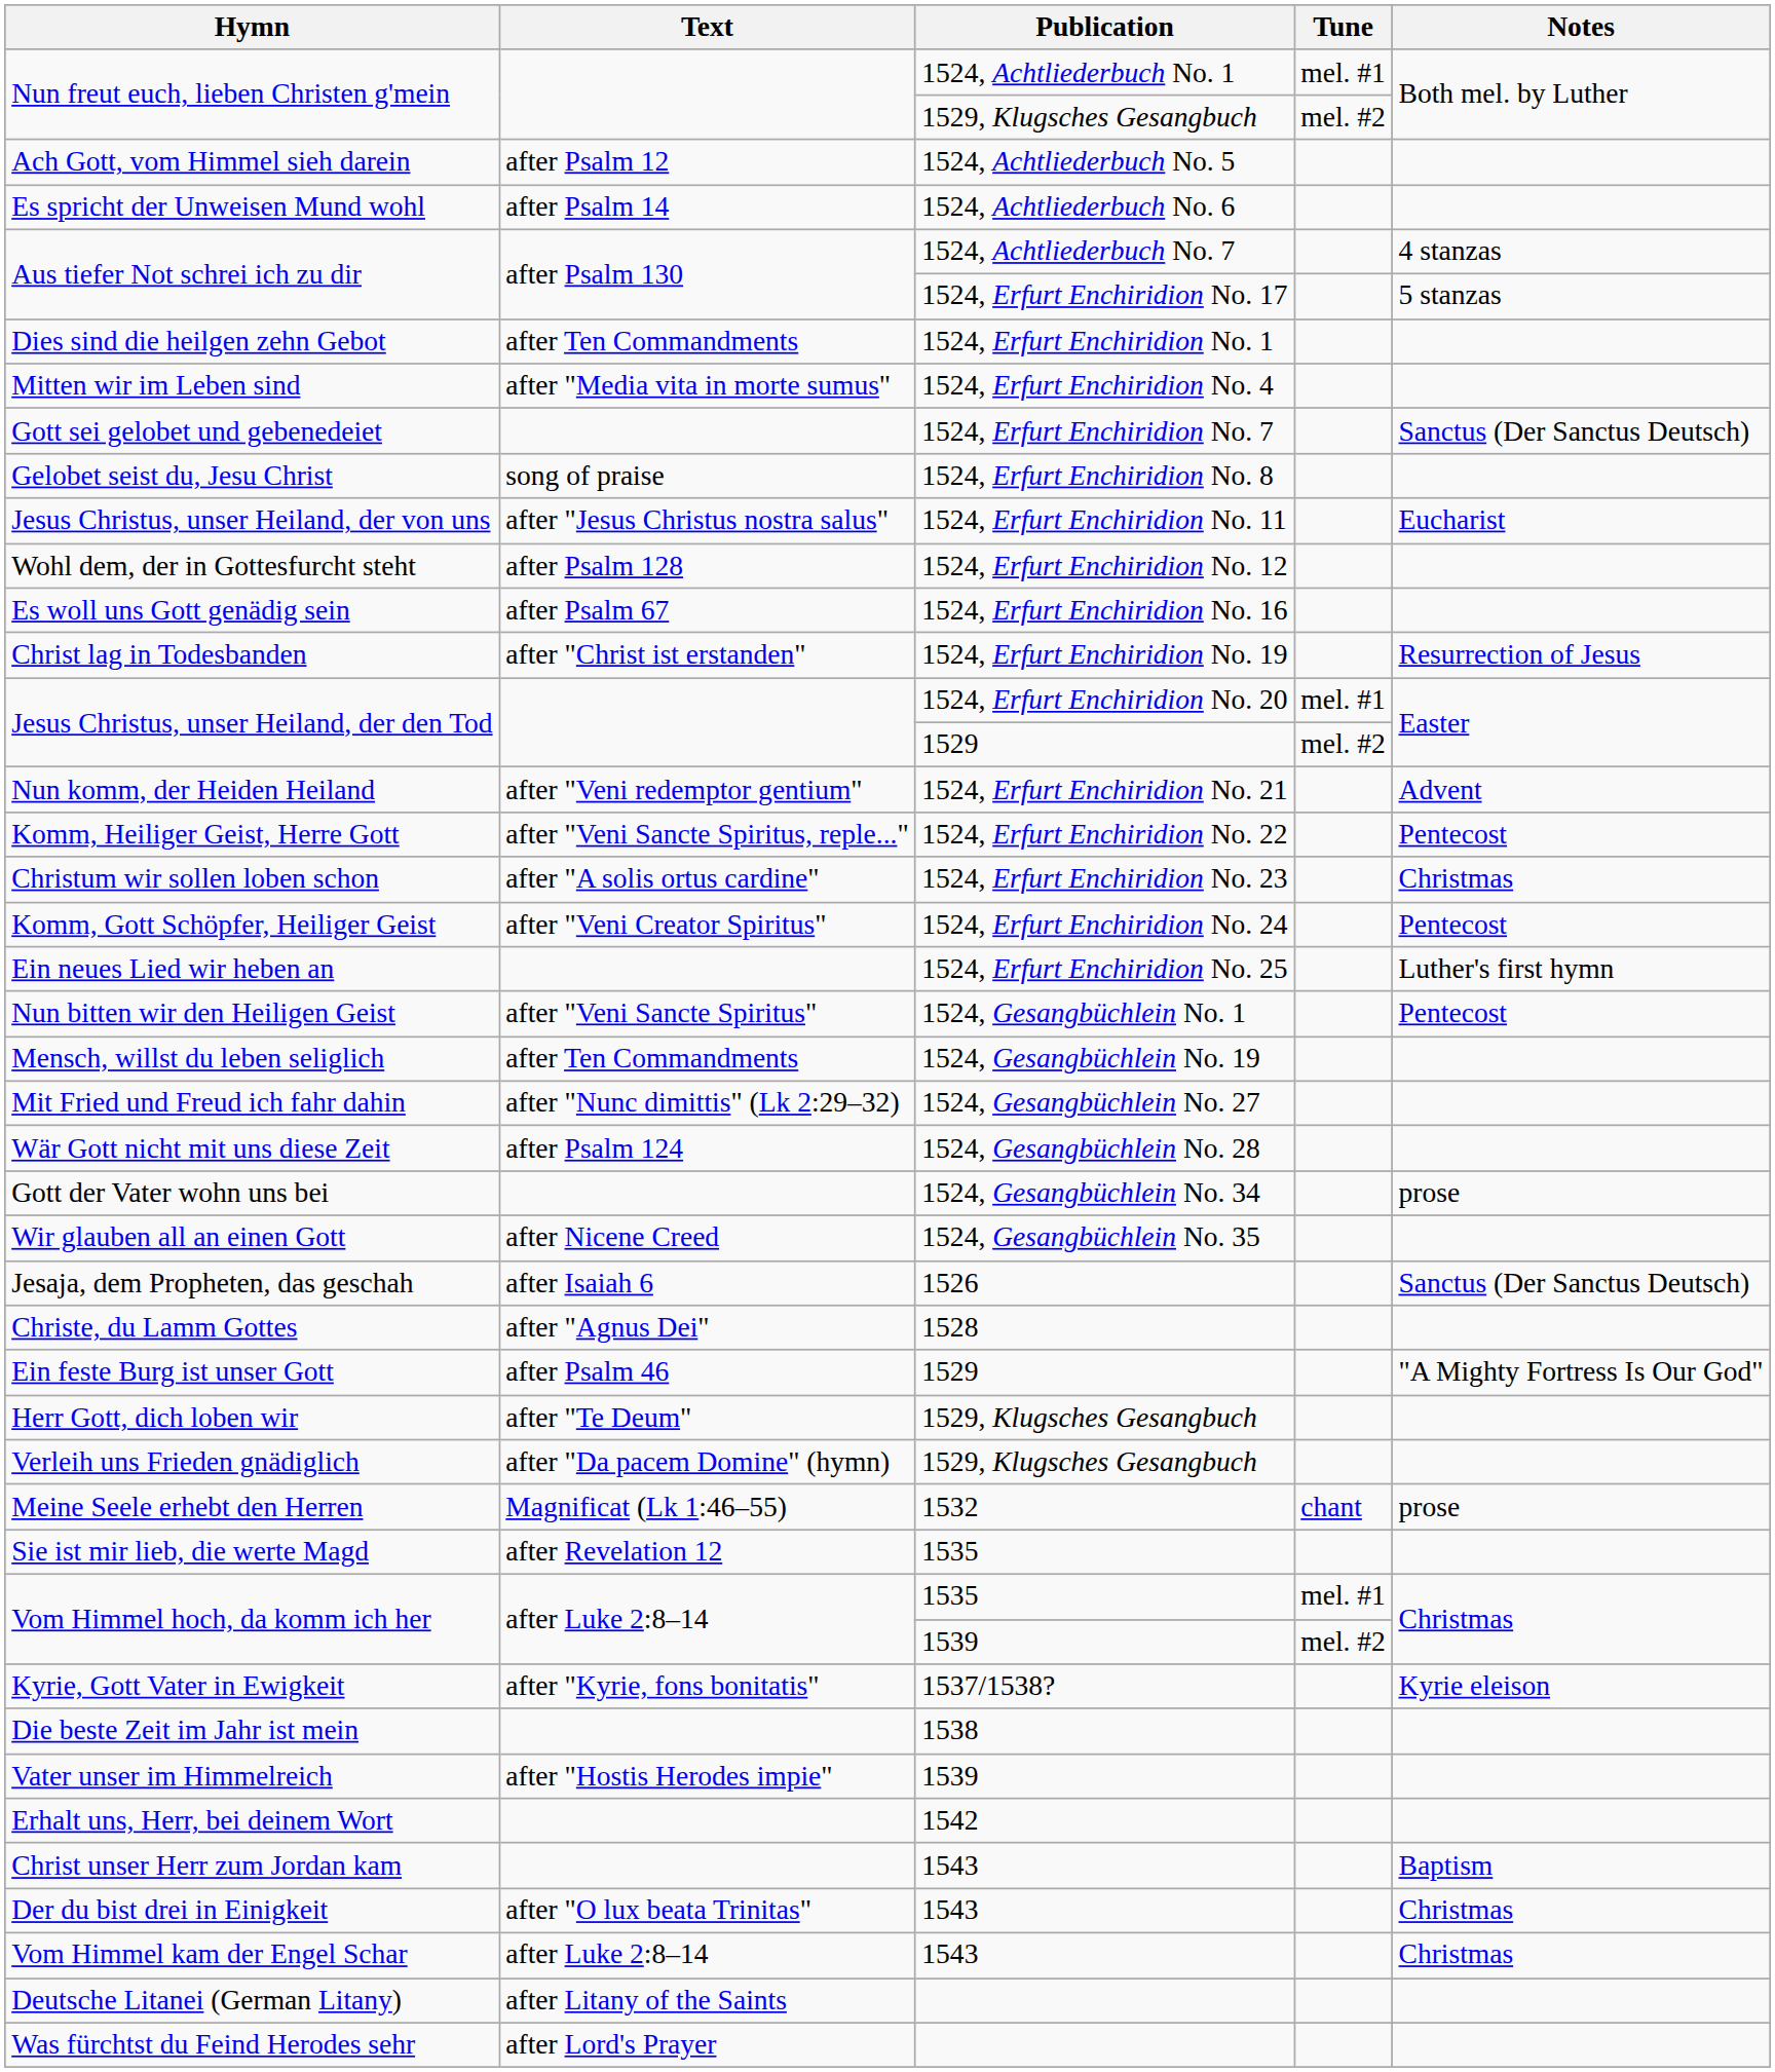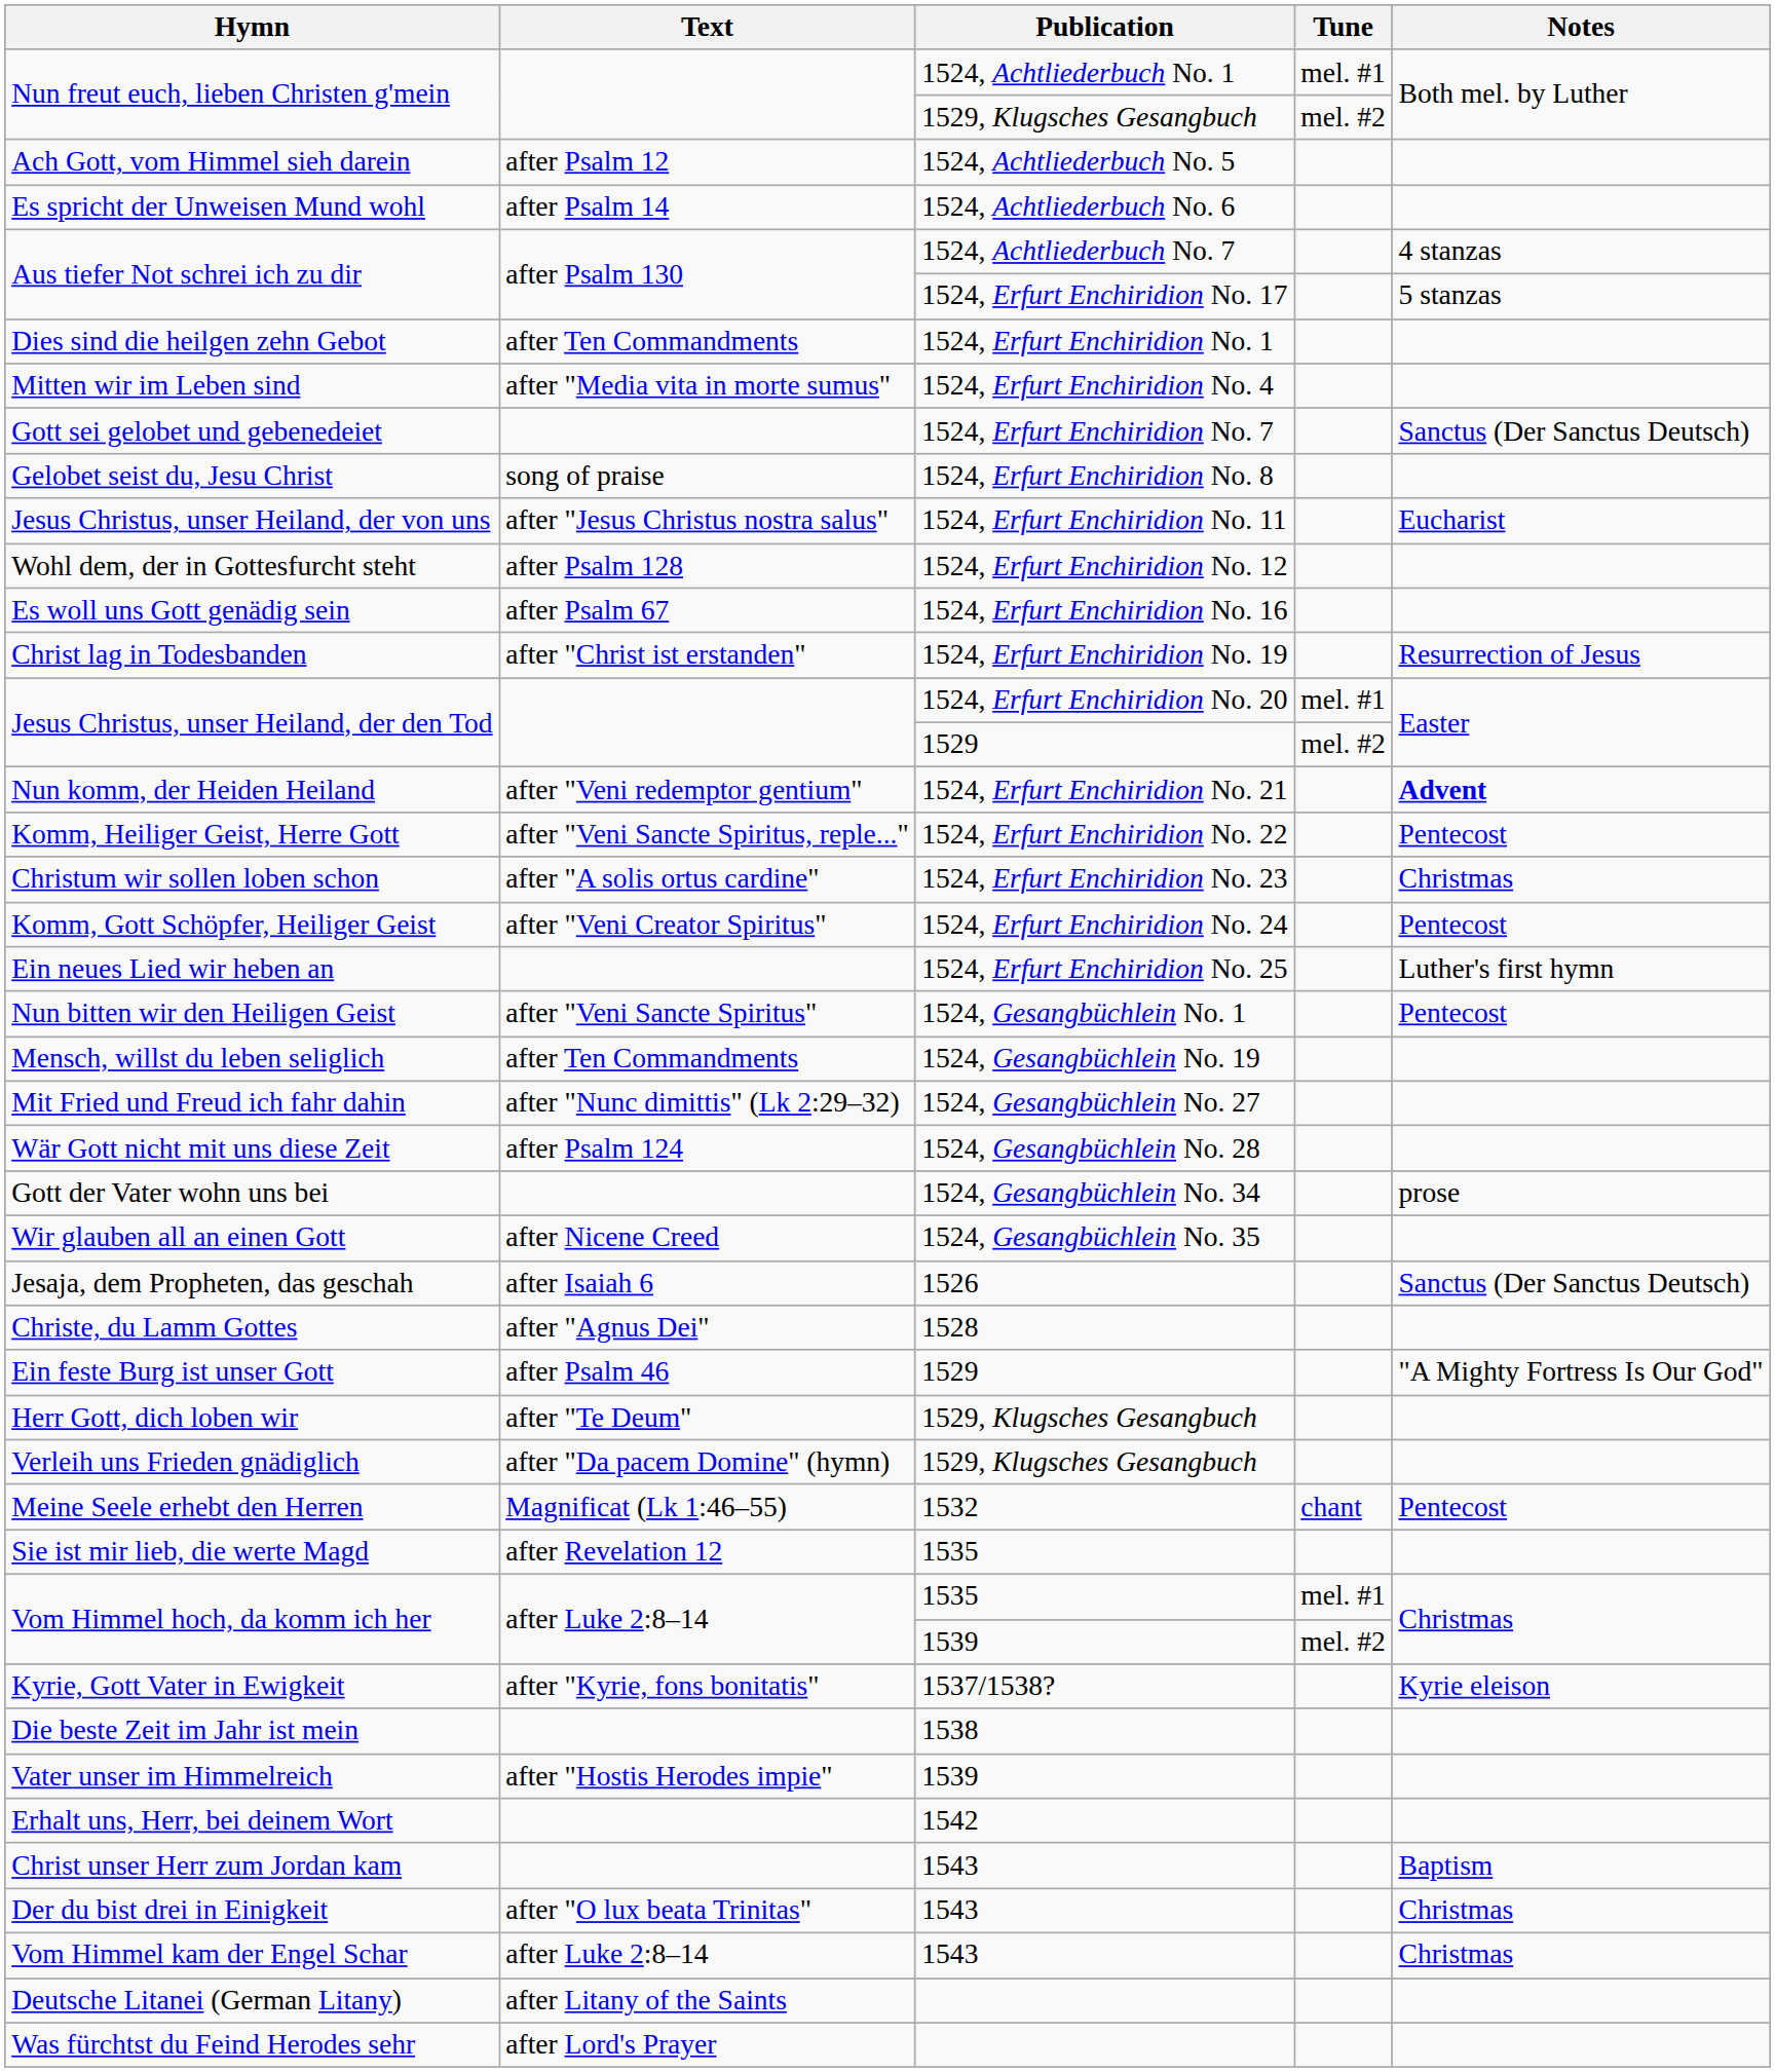 <table class="wikitable sortable">
 <tr>
 <th>Hymn</th>
 <th>Text</th>
 <th>Publication</th>
 <th>Tune</th>
 <th>Notes</th>
 </tr>
 <tr>
 <td rowspan="2"><a href='#'>Nun freut euch, lieben Christen g'mein</a></td>
 <td rowspan="2"></td>
 <td>1524, <em><a href='#'>Achtliederbuch</a></em> No. 1</td>
 <td>mel. #1</td>
 <td rowspan="2">Both mel. by Luther</td>
 </tr>
 <tr>
 <td>1529, <em>Klugsches Gesangbuch</em></td>
 <td>mel. #2</td>
 </tr>
 <tr>
 <td><a href='#'>Ach Gott, vom Himmel sieh darein</a></td>
 <td data-sort-value="after Psalm 012">after <a href='#'>Psalm 12</a></td>
 <td>1524, <em><a href='#'>Achtliederbuch</a></em> No. 5</td>
 <td></td>
 <td></td>
 </tr>
 <tr>
 <td><a href='#'>Es spricht der Unweisen Mund wohl</a></td>
 <td data-sort-value="after Psalm 014">after <a href='#'>Psalm 14</a></td>
 <td>1524, <em><a href='#'>Achtliederbuch</a></em> No. 6</td>
 <td></td>
 <td></td>
 </tr>
 <tr>
 <td rowspan="2"><a href='#'>Aus tiefer Not schrei ich zu dir</a></td>
 <td rowspan="2">after <a href='#'>Psalm 130</a></td>
 <td>1524, <em><a href='#'>Achtliederbuch</a></em> No. 7</td>
 <td></td>
 <td>4 stanzas</td>
 </tr>
 <tr>
 <td>1524, <em><a href='#'>Erfurt Enchiridion</a></em> No. 17</td>
 <td></td>
 <td>5 stanzas</td>
 </tr>
 <tr>
 <td><a href='#'>Dies sind die heilgen zehn Gebot</a></td>
 <td>after <a href='#'>Ten Commandments</a></td>
 <td data-sort-value="1524, Erfurt Enchiridion No.">1524, <em><a href='#'>Erfurt Enchiridion</a></em> No. 1</td>
 <td></td>
 <td></td>
 </tr>
 <tr>
 <td><a href='#'>Mitten wir im Leben sind</a></td>
 <td>after "<a href='#'>Media vita in morte sumus</a>"</td>
 <td data-sort-value="1524, Erfurt Enchiridion No.">1524, <em><a href='#'>Erfurt Enchiridion</a></em> No. 4</td>
 <td></td>
 <td></td>
 </tr>
 <tr>
 <td><a href='#'>Gott sei gelobet und gebenedeiet</a></td>
 <td></td>
 <td data-sort-value="1524, Erfurt Enchiridion No.">1524, <em><a href='#'>Erfurt Enchiridion</a></em> No. 7</td>
 <td></td>
 <td><a href='#'>Sanctus</a> (Der Sanctus Deutsch)</td>
 </tr>
 <tr>
 <td><a href='#'>Gelobet seist du, Jesu Christ</a></td>
 <td>song of praise</td>
 <td data-sort-value="1524, Erfurt Enchiridion No.">1524, <em><a href='#'>Erfurt Enchiridion</a></em> No. 8</td>
 <td></td>
 <td></td>
 </tr>
 <tr>
 <td><a href='#'>Jesus Christus, unser Heiland, der von uns</a></td>
 <td>after "<a href='#'>Jesus Christus nostra salus</a>"</td>
 <td>1524, <em><a href='#'>Erfurt Enchiridion</a></em> No. 11</td>
 <td></td>
 <td><a href='#'>Eucharist</a></td>
 </tr>
 <tr>
 <td>Wohl dem, der in Gottesfurcht steht</td>
 <td>after <a href='#'>Psalm 128</a></td>
 <td>1524, <em><a href='#'>Erfurt Enchiridion</a></em> No. 12</td>
 <td></td>
 <td></td>
 </tr>
 <tr>
 <td><a href='#'>Es woll uns Gott genädig sein</a></td>
 <td data-sort-value="after Psalm 067">after <a href='#'>Psalm 67</a></td>
 <td>1524, <em><a href='#'>Erfurt Enchiridion</a></em> No. 16</td>
 <td></td>
 <td></td>
 </tr>
 <tr>
 <td><a href='#'>Christ lag in Todesbanden</a></td>
 <td>after "<a href='#'>Christ ist erstanden</a>"</td>
 <td>1524, <em><a href='#'>Erfurt Enchiridion</a></em> No. 19</td>
 <td></td>
 <td><a href='#'>Resurrection of Jesus</a></td>
 </tr>
 <tr>
 <td rowspan="2"><a href='#'>Jesus Christus, unser Heiland, der den Tod</a></td>
 <td rowspan="2"></td>
 <td>1524, <em><a href='#'>Erfurt Enchiridion</a></em> No. 20</td>
 <td>mel. #1</td>
 <td rowspan="2"><a href='#'>Easter</a></td>
 </tr>
 <tr>
 <td>1529</td>
 <td>mel. #2</td>
 </tr>
 <tr>
 <td><a href='#'>Nun komm, der Heiden Heiland</a></td>
 <td>after "<a href='#'>Veni redemptor gentium</a>"</td>
 <td>1524, <em><a href='#'>Erfurt Enchiridion</a></em> No. 21</td>
 <td></td>
-<td><a href='#'>Advent</a></td>
+<td><strong><a href='#'>Advent</a></strong></td>
 </tr>
 <tr>
 <td><a href='#'>Komm, Heiliger Geist, Herre Gott</a></td>
 <td>after "<a href='#'>Veni Sancte Spiritus, reple...</a>"</td>
 <td>1524, <em><a href='#'>Erfurt Enchiridion</a></em> No. 22</td>
 <td></td>
 <td><a href='#'>Pentecost</a></td>
 </tr>
 <tr>
 <td><a href='#'>Christum wir sollen loben schon</a></td>
 <td>after "<a href='#'>A solis ortus cardine</a>"</td>
 <td>1524, <em><a href='#'>Erfurt Enchiridion</a></em> No. 23</td>
 <td></td>
 <td><a href='#'>Christmas</a></td>
 </tr>
 <tr>
 <td><a href='#'>Komm, Gott Schöpfer, Heiliger Geist</a></td>
 <td>after "<a href='#'>Veni Creator Spiritus</a>"</td>
 <td>1524, <em><a href='#'>Erfurt Enchiridion</a></em> No. 24</td>
 <td></td>
 <td><a href='#'>Pentecost</a></td>
 </tr>
 <tr>
 <td><a href='#'>Ein neues Lied wir heben an</a></td>
 <td></td>
 <td>1524, <em><a href='#'>Erfurt Enchiridion</a></em> No. 25</td>
 <td></td>
 <td>Luther's first hymn</td>
 </tr>
 <tr>
 <td><a href='#'>Nun bitten wir den Heiligen Geist</a></td>
 <td>after "<a href='#'>Veni Sancte Spiritus</a>"</td>
 <td data-sort-value="1524, Gesangbüchlein No.">1524, <a href='#'><em>Gesangbüchlein</em></a> No. 1</td>
 <td></td>
 <td><a href='#'>Pentecost</a></td>
 </tr>
 <tr>
 <td><a href='#'>Mensch, willst du leben seliglich</a></td>
 <td>after <a href='#'>Ten Commandments</a></td>
 <td>1524, <a href='#'><em>Gesangbüchlein</em></a> No. 19</td>
 <td></td>
 <td></td>
 </tr>
 <tr>
 <td><a href='#'>Mit Fried und Freud ich fahr dahin</a></td>
 <td>after "<a href='#'>Nunc dimittis</a>" (<a href='#'>Lk 2</a>:29–32)</td>
 <td>1524, <a href='#'><em>Gesangbüchlein</em></a> No. 27</td>
 <td></td>
 <td></td>
 </tr>
 <tr>
 <td data-sort-value="War Gott nicht mit uns diese Zeit"><a href='#'>Wär Gott nicht mit uns diese Zeit</a></td>
 <td>after <a href='#'>Psalm 124</a></td>
 <td>1524, <a href='#'><em>Gesangbüchlein</em></a> No. 28</td>
 <td></td>
 <td></td>
 </tr>
 <tr>
 <td>Gott der Vater wohn uns bei</td>
 <td></td>
 <td>1524, <a href='#'><em>Gesangbüchlein</em></a> No. 34</td>
 <td></td>
 <td>prose</td>
 </tr>
 <tr>
 <td><a href='#'>Wir glauben all an einen Gott</a></td>
 <td>after <a href='#'>Nicene Creed</a></td>
 <td>1524, <a href='#'><em>Gesangbüchlein</em></a> No. 35</td>
 <td></td>
 <td></td>
 </tr>
 <tr>
 <td>Jesaja, dem Propheten, das geschah</td>
 <td>after <a href='#'>Isaiah 6</a></td>
 <td>1526</td>
 <td></td>
 <td><a href='#'>Sanctus</a> (Der Sanctus Deutsch)</td>
 </tr>
 <tr>
 <td><a href='#'>Christe, du Lamm Gottes</a></td>
 <td>after "<a href='#'>Agnus Dei</a>"</td>
 <td>1528</td>
 <td></td>
 <td></td>
 </tr>
 <tr>
 <td><a href='#'>Ein feste Burg ist unser Gott</a></td>
 <td data-sort-value="after Psalm 046">after <a href='#'>Psalm 46</a></td>
 <td>1529</td>
 <td></td>
 <td>"A Mighty Fortress Is Our God"</td>
 </tr>
 <tr>
 <td><a href='#'>Herr Gott, dich loben wir</a></td>
 <td>after "<a href='#'>Te Deum</a>"</td>
 <td>1529, <em>Klugsches Gesangbuch</em></td>
 <td></td>
 <td></td>
 </tr>
 <tr>
 <td><a href='#'>Verleih uns Frieden gnädiglich</a></td>
 <td>after "<a href='#'>Da pacem Domine</a>" (hymn)</td>
 <td>1529, <em>Klugsches Gesangbuch</em></td>
 <td></td>
 <td></td>
 </tr>
 <tr>
 <td><a href='#'>Meine Seele erhebt den Herren</a></td>
 <td><a href='#'>Magnificat</a> (<a href='#'>Lk 1</a>:46–55)</td>
 <td>1532</td>
 <td><a href='#'>chant</a></td>
-<td>prose</td>
+<td><a href='#'>Pentecost</a></td>
 </tr>
 <tr>
 <td><a href='#'>Sie ist mir lieb, die werte Magd</a></td>
 <td>after <a href='#'>Revelation 12</a></td>
 <td>1535</td>
 <td></td>
 <td></td>
 </tr>
 <tr>
 <td rowspan="2"><a href='#'>Vom Himmel hoch, da komm ich her</a></td>
 <td rowspan="2">after <a href='#'>Luke&nbsp;2</a>:8–14</td>
 <td>1535</td>
 <td>mel. #1</td>
 <td rowspan="2"><a href='#'>Christmas</a></td>
 </tr>
 <tr>
 <td>1539</td>
 <td>mel. #2</td>
 </tr>
 <tr>
 <td><a href='#'>Kyrie, Gott Vater in Ewigkeit</a></td>
 <td>after "<a href='#'>Kyrie, fons bonitatis</a>"</td>
 <td>1537/1538?</td>
 <td></td>
 <td><a href='#'>Kyrie eleison</a></td>
 </tr>
 <tr>
 <td><a href='#'>Die beste Zeit im Jahr ist mein</a></td>
 <td></td>
 <td>1538</td>
 <td></td>
 <td></td>
 </tr>
 <tr>
 <td><a href='#'>Vater unser im Himmelreich</a></td>
 <td>after "<a href='#'>Hostis Herodes impie</a>"</td>
 <td>1539</td>
 <td></td>
 <td></td>
 </tr>
 <tr>
 <td><a href='#'>Erhalt uns, Herr, bei deinem Wort</a></td>
 <td></td>
 <td>1542</td>
 <td></td>
 <td></td>
 </tr>
 <tr>
 <td><a href='#'>Christ unser Herr zum Jordan kam</a></td>
 <td></td>
 <td>1543</td>
 <td></td>
 <td><a href='#'>Baptism</a></td>
 </tr>
 <tr>
 <td><a href='#'>Der du bist drei in Einigkeit</a></td>
 <td>after "<a href='#'>O lux beata Trinitas</a>"</td>
 <td>1543</td>
 <td></td>
 <td><a href='#'>Christmas</a></td>
 </tr>
 <tr>
 <td><a href='#'>Vom Himmel kam der Engel Schar</a></td>
 <td>after <a href='#'>Luke&nbsp;2</a>:8–14</td>
 <td>1543</td>
 <td></td>
 <td><a href='#'>Christmas</a></td>
 </tr>
 <tr>
 <td><a href='#'>Deutsche Litanei</a> (German <a href='#'>Litany</a>)</td>
 <td>after <a href='#'>Litany of the Saints</a></td>
 <td></td>
 <td></td>
 <td></td>
 </tr>
 <tr>
 <td><a href='#'>Was fürchtst du Feind Herodes sehr</a></td>
 <td>after <a href='#'>Lord's Prayer</a></td>
 <td></td>
 <td></td>
 <td></td>
 </tr>
 </table>
